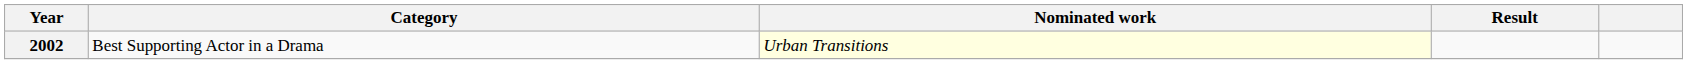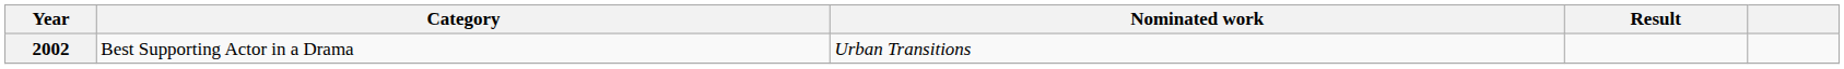 <table class="wikitable plainrowheaders" style="width:100%;">
 <tr>
 <th scope="col" style="width:5%;">Year</th>
 <th scope="col" style="width:40%;">Category</th>
 <th scope="col" style="width:40%;">Nominated work</th>
 <th scope="col" style="width:10%;">Result</th>
 <th scope="col" style="width:5%;"></th>
 </tr>
 <tr>
 <th scope="row" style="text-align:center;">2002</th>
 <td>Best Supporting Actor in a Drama</td>
-<td style="background: lightyellow;"><em>Urban Transitions</em></td>
+<td><em>Urban Transitions</em></td>
 <td></td>
 <td style="text-align:center;"></td>
 </tr>
 <tr>
 </tr>
 </table>
